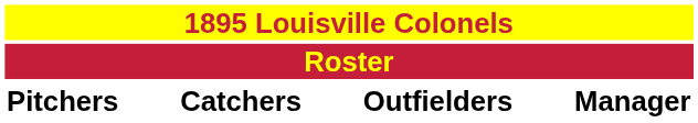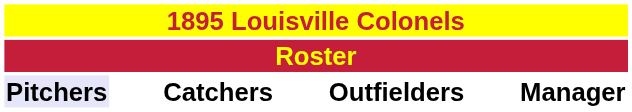 <table class="toccolours" style="font-size: 95%;">
 <tr>
 <th colspan="10" style="background-color: #FFFF00; color: #C41E3A; text-align: center;">1895 Louisville Colonels</th>
 </tr>
 <tr>
 <td colspan="10" style="background-color: #C41E3A; color: yellow; text-align: center;"><strong>Roster</strong></td>
 </tr>
 <tr>
-<td valign="top"><strong>Pitchers</strong><br>           </td>
+<td valign="top" style="background: lavender;"><strong>Pitchers</strong><br>           </td>
 <td width="25px"></td>
 <td valign="top"><strong>Catchers</strong><br>                  </td>
 <td width="25px"></td>
 <td valign="top"><strong>Outfielders</strong><br>       </td>
 <td width="25px"></td>
 <td valign="top"><strong>Manager</strong><br></td>
 </tr>
 </table>
